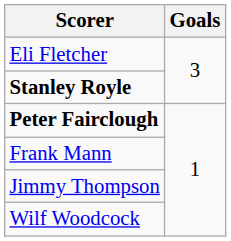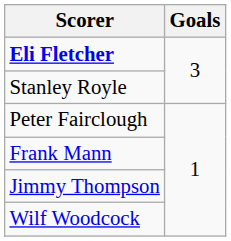 <table class="wikitable">
 <tr>
 <th>Scorer</th>
 <th>Goals</th>
 </tr>
 <tr>
-<td> <a href='#'>Eli Fletcher</a></td>
+<td><strong> <a href='#'>Eli Fletcher</a></strong></td>
 <td rowspan="2" align=center>3</td>
 </tr>
 <tr>
-<td><strong>Stanley Royle</strong></td>
+<td>Stanley Royle</td>
 </tr>
 <tr>
-<td><strong>Peter Fairclough</strong></td>
+<td>Peter Fairclough</td>
 <td rowspan="4" align=center>1</td>
 </tr>
 <tr>
 <td> <a href='#'>Frank Mann</a></td>
 </tr>
 <tr>
 <td> <a href='#'>Jimmy Thompson</a></td>
 </tr>
 <tr>
 <td> <a href='#'>Wilf Woodcock</a></td>
 </tr>
 </table>
